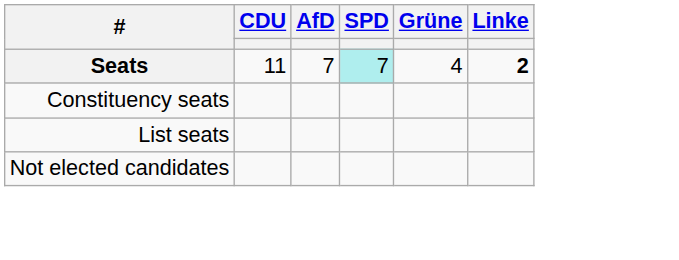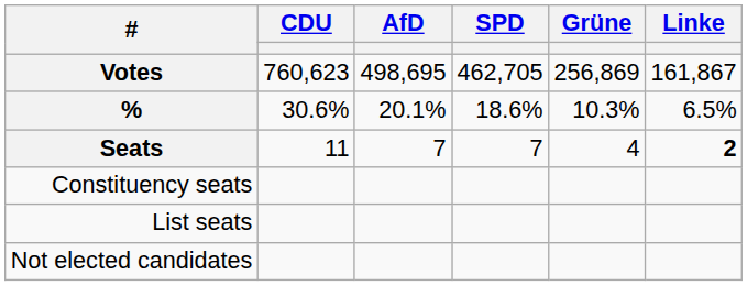 <table class="wikitable" style="text-align:right;vertical-align:top">
 <tr>
 <th rowspan="2">#</th>
 <th class="wikitable sortable"><a href='#'>CDU</a></th>
 <th class="wikitable sortable"><a href='#'>AfD</a></th>
 <th class="wikitable sortable"><a href='#'>SPD</a></th>
 <th class="wikitable sortable"><a href='#'>Grüne</a></th>
 <th class="wikitable sortable"><a href='#'>Linke</a></th>
 </tr>
 <tr>
 <th class="wikitable sortable" style="background:"></th>
 <th class="wikitable sortable" style="background:"></th>
 <th class="wikitable sortable" style="background:"></th>
 <th class="wikitable sortable" style="background:"></th>
 <th class="wikitable sortable" style="background:"></th>
 </tr>
 <tr>
+<th>Votes</th>
+<td>760,623</td>
+<td>498,695</td>
+<td>462,705</td>
+<td>256,869</td>
+<td>161,867</td>
+</tr>
+<tr>
+<th>%</th>
+<td>30.6%</td>
+<td>20.1%</td>
+<td>18.6%</td>
+<td>10.3%</td>
+<td>6.5%</td>
+</tr>
+<tr>
 <th>Seats</th>
 <td>11</td>
 <td>7</td>
-<td style="background: paleturquoise;">7</td>
+<td>7</td>
 <td>4</td>
 <td><strong>2</strong></td>
 </tr>
 <tr style="vertical-align:top">
 <td>Constituency seats</td>
 <td></td>
 <td></td>
 <td></td>
 <td></td>
 <td></td>
 </tr>
 <tr style="vertical-align:top">
 <td>List seats</td>
 <td></td>
 <td></td>
 <td> </td>
 <td></td>
 <td></td>
 </tr>
 <tr style="vertical-align:top">
 <td>Not elected candidates</td>
 <td><div><br>     </div></td>
 <td><div><br> </div></td>
 <td><div><br> </div></td>
 <td><div><br> </div></td>
 <td><div><br> </div></td>
 </tr>
 </table>
